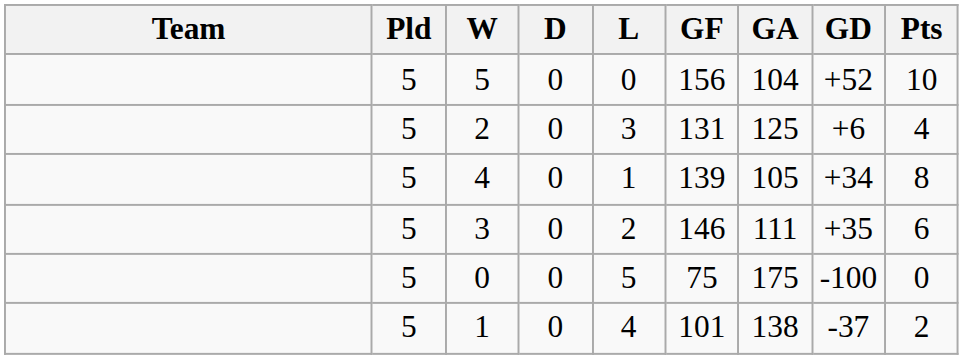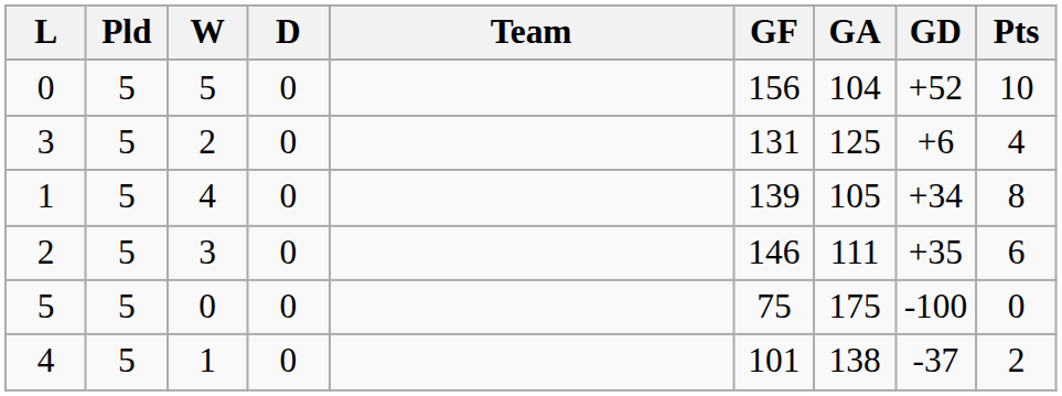 <table class="wikitable" style="text-align: center;">
 <tr>
-<th width="180">Team</th>
+<th width="30">L</th>
 <th width="30">Pld</th>
 <th width="30">W</th>
 <th width="30">D</th>
-<th width="30">L</th>
+<th width="180">Team</th>
 <th width="30">GF</th>
 <th width="30">GA</th>
 <th width="30">GD</th>
 <th width="30">Pts</th>
 </tr>
 <tr>
-<td align="left"></td>
+<td>0</td>
 <td>5</td>
 <td>5</td>
 <td>0</td>
-<td>0</td>
+<td align="left"></td>
 <td>156</td>
 <td>104</td>
 <td>+52</td>
 <td>10</td>
 </tr>
 <tr>
-<td align="left"></td>
+<td>3</td>
 <td>5</td>
 <td>2</td>
 <td>0</td>
-<td>3</td>
+<td align="left"></td>
 <td>131</td>
 <td>125</td>
 <td>+6</td>
 <td>4</td>
 </tr>
 <tr>
-<td align="left"></td>
+<td>1</td>
 <td>5</td>
 <td>4</td>
 <td>0</td>
-<td>1</td>
+<td align="left"></td>
 <td>139</td>
 <td>105</td>
 <td>+34</td>
 <td>8</td>
 </tr>
 <tr>
-<td align="left"></td>
+<td>2</td>
 <td>5</td>
 <td>3</td>
 <td>0</td>
-<td>2</td>
+<td align="left"></td>
 <td>146</td>
 <td>111</td>
 <td>+35</td>
 <td>6</td>
 </tr>
 <tr>
-<td align="left"></td>
+<td>5</td>
 <td>5</td>
 <td>0</td>
 <td>0</td>
-<td>5</td>
+<td align="left"></td>
 <td>75</td>
 <td>175</td>
 <td>-100</td>
 <td>0</td>
 </tr>
 <tr>
-<td align="left"></td>
+<td>4</td>
 <td>5</td>
 <td>1</td>
 <td>0</td>
-<td>4</td>
+<td align="left"></td>
 <td>101</td>
 <td>138</td>
 <td>-37</td>
 <td>2</td>
 </tr>
 </table>
